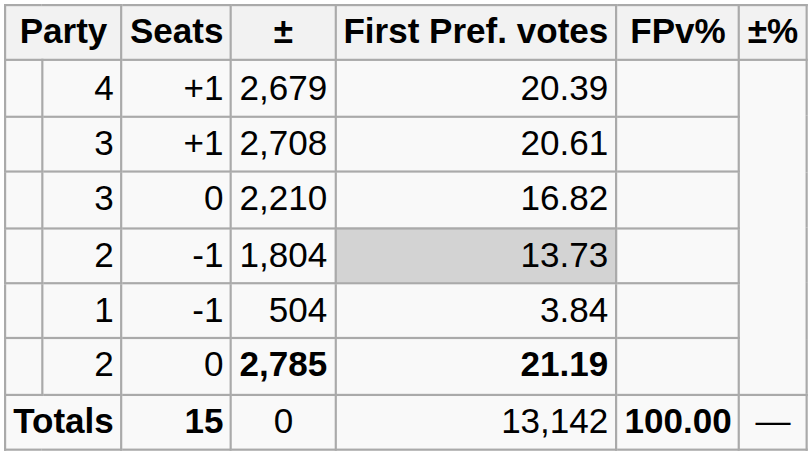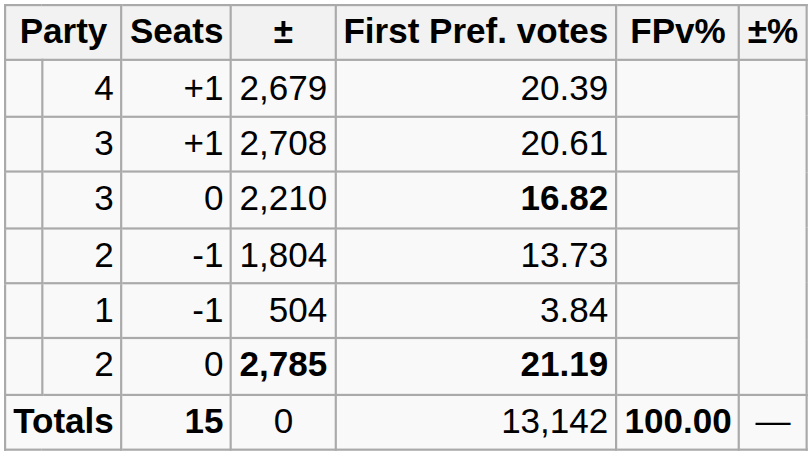 <table class=wikitable>
 <tr>
 <th colspan=2 align=center>Party</th>
 <th valign=top>Seats</th>
 <th valign=top>±</th>
 <th valign=top>First Pref. votes</th>
 <th valign=top>FPv%</th>
 <th valign=top>±%</th>
 </tr>
 <tr>
 <td></td>
 <td align=right>4</td>
 <td align=right>+1</td>
 <td align=right>2,679</td>
 <td align=right>20.39</td>
 <td align=right></td>
 </tr>
 <tr>
 <td></td>
 <td align=right>3</td>
 <td align=right>+1</td>
 <td align=right>2,708</td>
 <td align=right>20.61</td>
 <td align=right></td>
 </tr>
 <tr>
 <td></td>
 <td align=right>3</td>
 <td align=right>0</td>
 <td align=right>2,210</td>
-<td align=right>16.82</td>
+<td align=right><strong>16.82</strong></td>
 <td align=right></td>
 </tr>
 <tr>
 <td></td>
 <td align=right>2</td>
 <td align=right>-1</td>
 <td align=right>1,804</td>
-<td align=right style="background: lightgrey;">13.73</td>
+<td align=right>13.73</td>
 <td align=right></td>
 </tr>
 <tr>
 <td></td>
 <td align=right>1</td>
 <td align=right>-1</td>
 <td align=right>504</td>
 <td align=right>3.84</td>
 <td align=right></td>
 </tr>
 <tr>
 <td></td>
 <td align=right>2</td>
 <td align=right>0</td>
 <td align=right><strong>2,785</strong></td>
 <td align=right><strong>21.19</strong></td>
 <td align=right></td>
 </tr>
 <tr>
 <td colspan=2 align=center><strong>Totals</strong></td>
 <td align=right><strong>15</strong></td>
 <td align=center>0</td>
 <td align=right>13,142</td>
 <td align=center><strong>100.00</strong></td>
 <td align=center>—</td>
 </tr>
 </table>
